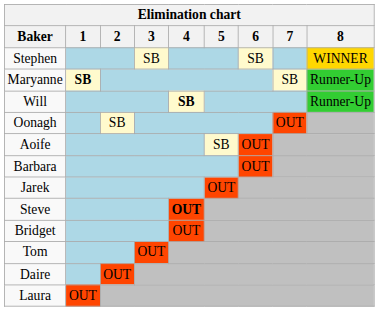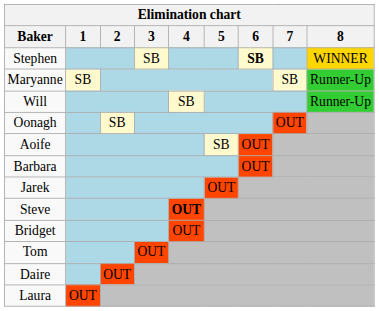 <table class="wikitable" style="text-align:center">
 <tr>
 <th colspan="16">Elimination chart</th>
 </tr>
 <tr>
 <th>Baker</th>
 <th>1</th>
 <th>2</th>
 <th>3</th>
 <th>4</th>
 <th>5</th>
 <th>6</th>
 <th>7</th>
 <th>8</th>
 </tr>
 <tr>
 <td>Stephen</td>
 <td colspan="2" style="background:Lightblue;"></td>
 <td style="background:LemonChiffon;">SB</td>
 <td colspan="2" style="background:Lightblue;"></td>
-<td style="background:LemonChiffon;">SB</td>
+<td style="background:LemonChiffon;"><strong>SB</strong></td>
 <td style="background:Lightblue;"></td>
 <td style="background:gold;">WINNER</td>
 </tr>
 <tr>
 <td>Maryanne</td>
-<td style="background:LemonChiffon;"><strong>SB</strong></td>
+<td style="background:LemonChiffon;">SB</td>
 <td colspan="5" style="background:Lightblue;"></td>
 <td style="background:LemonChiffon;">SB</td>
 <td style="background:limegreen;">Runner-Up</td>
 </tr>
 <tr>
 <td>Will</td>
 <td colspan="3" style="background:Lightblue;"></td>
-<td style="background:LemonChiffon;"><strong>SB</strong></td>
+<td style="background:LemonChiffon;">SB</td>
 <td colspan="3" style="background:Lightblue;"></td>
 <td style="background:limegreen;">Runner-Up</td>
 </tr>
 <tr>
 <td>Oonagh</td>
 <td style="background:Lightblue;"></td>
 <td style="background:LemonChiffon;">SB</td>
 <td colspan="4" style="background:Lightblue;"></td>
 <td style="background:OrangeRed;">OUT</td>
 <td style="background:Silver;"></td>
 </tr>
 <tr>
 <td>Aoife</td>
 <td colspan="4" style="background:Lightblue;"></td>
 <td style="background:LemonChiffon;">SB</td>
 <td style="background:OrangeRed;">OUT</td>
 <td colspan="2" style="background:Silver;"></td>
 </tr>
 <tr>
 <td>Barbara</td>
 <td colspan="5" style="background:Lightblue;"></td>
 <td style="background:OrangeRed;">OUT</td>
 <td colspan="2" style="background:Silver;"></td>
 </tr>
 <tr>
 <td>Jarek</td>
 <td colspan="4" style="background:Lightblue;"></td>
 <td style="background:OrangeRed;">OUT</td>
 <td colspan="3" style="background:Silver;"></td>
 </tr>
 <tr>
 <td>Steve</td>
 <td colspan="3" style="background:Lightblue;"></td>
 <td style="background:OrangeRed;"><strong>OUT</strong></td>
 <td colspan="4" style="background:Silver;"></td>
 </tr>
 <tr>
 <td>Bridget</td>
 <td colspan="3" style="background:Lightblue;"></td>
 <td style="background:OrangeRed;">OUT</td>
 <td colspan="4" style="background:Silver;"></td>
 </tr>
 <tr>
 <td>Tom</td>
 <td colspan="2" style="background:Lightblue;"></td>
 <td style="background:OrangeRed;">OUT</td>
 <td colspan="5" style="background:Silver;"></td>
 </tr>
 <tr>
 <td>Daire</td>
 <td style="background:Lightblue;"></td>
 <td style="background:OrangeRed;">OUT</td>
 <td colspan="6" style="background:Silver;"></td>
 </tr>
 <tr>
 <td>Laura</td>
 <td style="background:OrangeRed;">OUT</td>
 <td colspan="7" style="background:Silver;"></td>
 </tr>
 </table>
